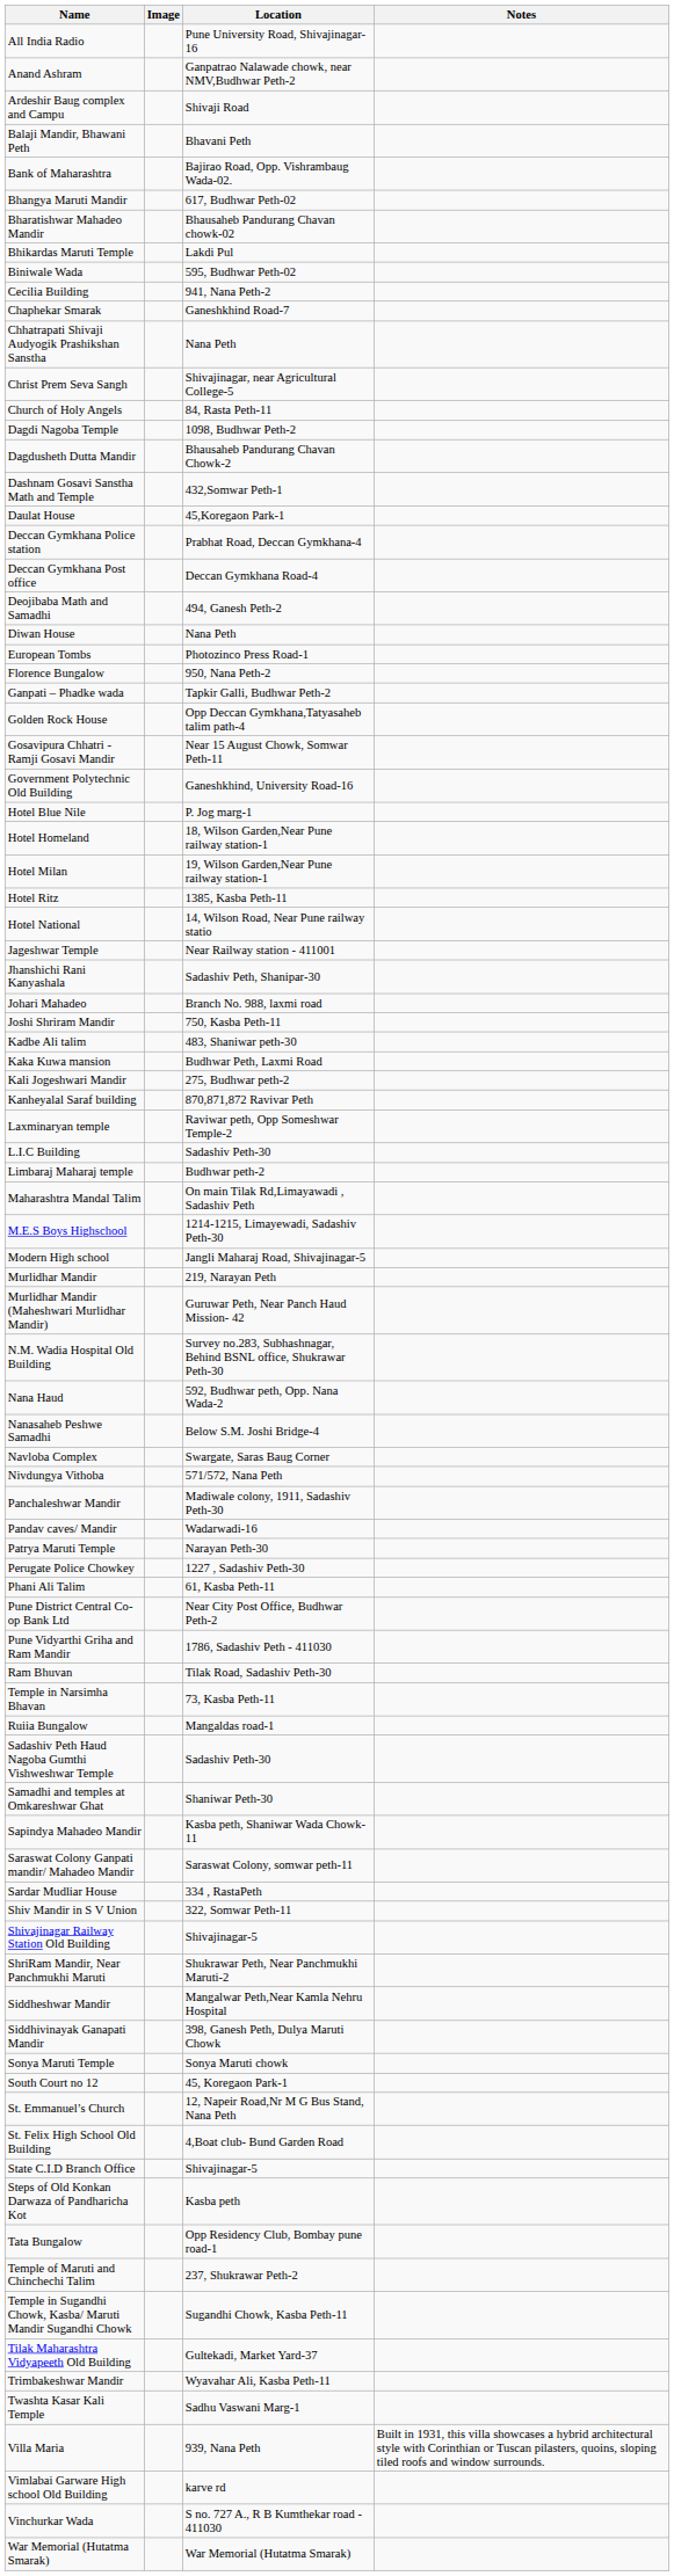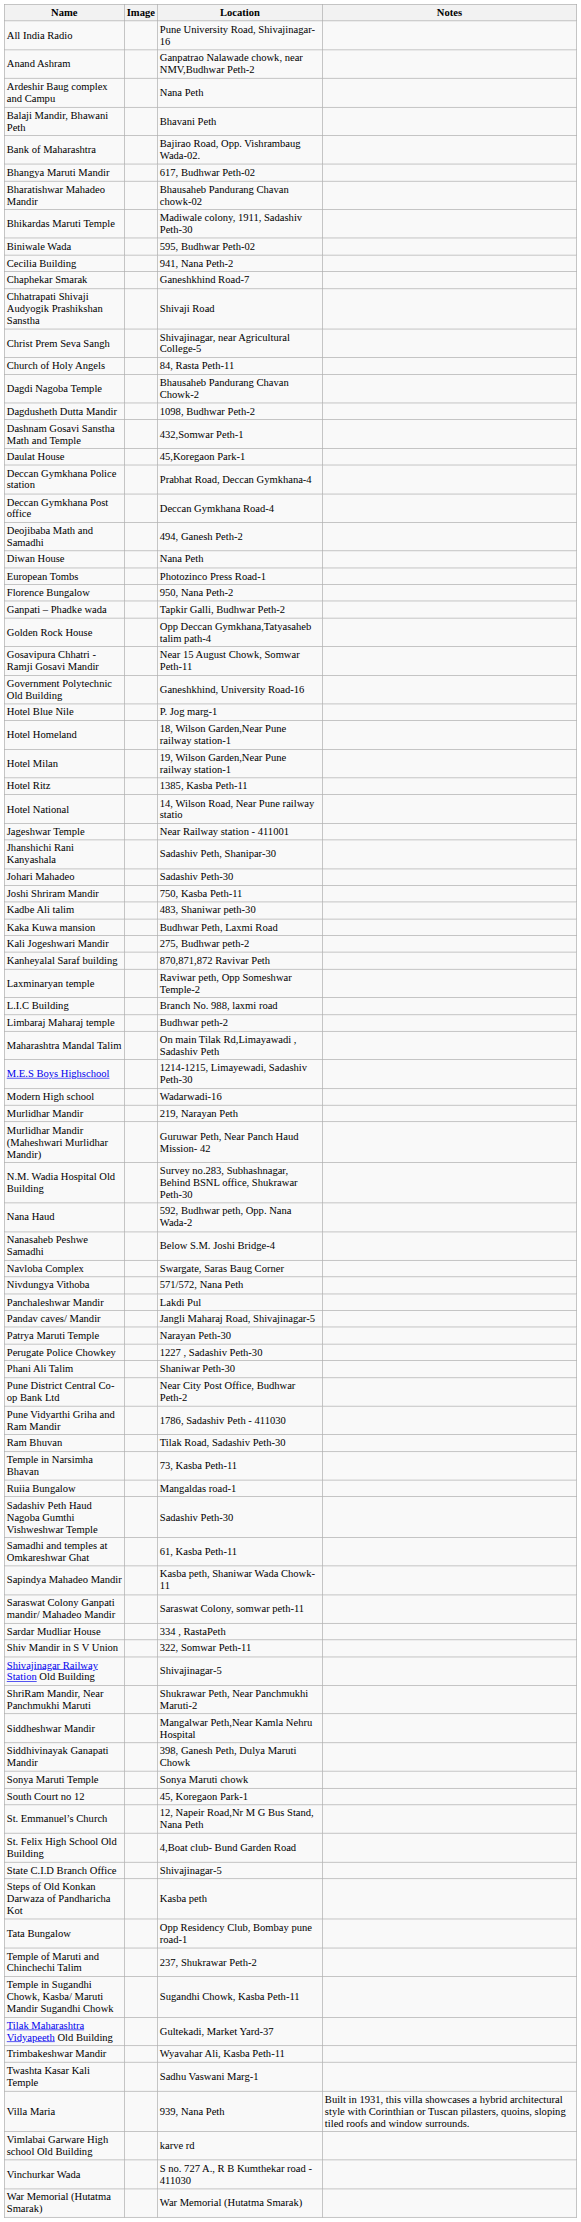 <table class="wikitable sortable">
 <tr>
 <th style="width:180px;">Name</th>
 <th class="unsortable">Image</th>
 <th style="width:250px;">Location</th>
 <th style="width:400px;"class="unsortable">Notes</th>
 </tr>
 <tr>
 <td>All India Radio</td>
 <td></td>
 <td>Pune University Road, Shivajinagar-16<br><small></small></td>
 <td></td>
 </tr>
 <tr>
 <td>Anand Ashram</td>
 <td></td>
 <td>Ganpatrao Nalawade chowk, near NMV,Budhwar Peth-2<br><small></small></td>
 <td></td>
 </tr>
 <tr>
 <td>Ardeshir Baug complex and Campu</td>
 <td></td>
-<td>Shivaji Road<br><small></small></td>
+<td>Nana Peth<br><small></small></td>
 <td></td>
 </tr>
 <tr>
 <td>Balaji Mandir, Bhawani Peth</td>
 <td></td>
 <td>Bhavani Peth<br><small></small></td>
 <td></td>
 </tr>
 <tr>
 <td>Bank of Maharashtra</td>
 <td></td>
 <td>Bajirao Road, Opp. Vishrambaug Wada-02.<br><small></small></td>
 <td></td>
 </tr>
 <tr>
 <td>Bhangya Maruti Mandir</td>
 <td></td>
 <td>617, Budhwar Peth-02<br><small></small></td>
 <td></td>
 </tr>
 <tr>
 <td>Bharatishwar Mahadeo Mandir</td>
 <td></td>
 <td>Bhausaheb Pandurang Chavan chowk-02<br><small></small></td>
 <td></td>
 </tr>
 <tr>
 <td>Bhikardas Maruti Temple</td>
 <td></td>
-<td>Lakdi Pul<br><small></small></td>
+<td>Madiwale colony, 1911, Sadashiv Peth-30<br><small></small></td>
 <td></td>
 </tr>
 <tr>
 <td>Biniwale Wada</td>
 <td></td>
 <td>595, Budhwar Peth-02<br><small></small></td>
 <td></td>
 </tr>
 <tr>
 <td>Cecilia Building</td>
 <td></td>
 <td>941, Nana Peth-2<br><small></small></td>
 <td></td>
 </tr>
 <tr>
 <td>Chaphekar Smarak</td>
 <td></td>
 <td>Ganeshkhind Road-7<br><small></small></td>
 <td></td>
 </tr>
 <tr>
 <td>Chhatrapati Shivaji Audyogik Prashikshan Sanstha</td>
 <td></td>
-<td>Nana Peth<br><small></small></td>
+<td>Shivaji Road<br><small></small></td>
 <td></td>
 </tr>
 <tr>
 <td>Christ Prem Seva Sangh</td>
 <td></td>
 <td>Shivajinagar, near Agricultural College-5<br><small></small></td>
 <td></td>
 </tr>
 <tr>
 <td>Church of Holy Angels</td>
 <td></td>
 <td>84, Rasta Peth-11<br><small></small></td>
 <td></td>
 </tr>
 <tr>
 <td>Dagdi Nagoba Temple</td>
 <td></td>
-<td>1098, Budhwar Peth-2<br><small></small></td>
+<td>Bhausaheb Pandurang Chavan Chowk-2<br><small></small></td>
 <td></td>
 </tr>
 <tr>
 <td>Dagdusheth Dutta Mandir</td>
 <td></td>
-<td>Bhausaheb Pandurang Chavan Chowk-2<br><small></small></td>
+<td>1098, Budhwar Peth-2<br><small></small></td>
 <td></td>
 </tr>
 <tr>
 <td>Dashnam Gosavi Sanstha Math and Temple</td>
 <td></td>
 <td>432,Somwar Peth-1<br><small></small></td>
 <td></td>
 </tr>
 <tr>
 <td>Daulat House</td>
 <td></td>
 <td>45,Koregaon Park-1<br><small></small></td>
 <td></td>
 </tr>
 <tr>
 <td>Deccan Gymkhana Police station</td>
 <td></td>
 <td>Prabhat Road, Deccan Gymkhana-4<br><small></small></td>
 <td></td>
 </tr>
 <tr>
 <td>Deccan Gymkhana Post office</td>
 <td></td>
 <td>Deccan Gymkhana Road-4<br><small></small></td>
 <td></td>
 </tr>
 <tr>
 <td>Deojibaba Math and Samadhi</td>
 <td></td>
 <td>494, Ganesh Peth-2<br><small></small></td>
 <td></td>
 </tr>
 <tr>
 <td>Diwan House</td>
 <td></td>
 <td>Nana Peth<br><small></small></td>
 <td></td>
 </tr>
 <tr>
 <td>European Tombs</td>
 <td></td>
 <td>Photozinco Press Road-1<br><small></small></td>
 <td></td>
 </tr>
 <tr>
 <td>Florence Bungalow</td>
 <td></td>
 <td>950, Nana Peth-2<br><small></small></td>
 <td></td>
 </tr>
 <tr>
 <td>Ganpati – Phadke wada</td>
 <td></td>
 <td>Tapkir Galli, Budhwar Peth-2<br><small></small></td>
 <td></td>
 </tr>
 <tr>
 <td>Golden Rock House</td>
 <td></td>
 <td>Opp Deccan Gymkhana,Tatyasaheb talim path-4<br><small></small></td>
 <td></td>
 </tr>
 <tr>
 <td>Gosavipura Chhatri - Ramji Gosavi Mandir</td>
 <td></td>
 <td>Near 15 August Chowk, Somwar Peth-11<br><small></small></td>
 <td></td>
 </tr>
 <tr>
 <td>Government Polytechnic Old Building</td>
 <td></td>
 <td>Ganeshkhind, University Road-16<br><small></small></td>
 <td></td>
 </tr>
 <tr>
 <td>Hotel Blue Nile</td>
 <td></td>
 <td>P. Jog marg-1<br><small></small></td>
 <td></td>
 </tr>
 <tr>
 <td>Hotel Homeland</td>
 <td></td>
 <td>18, Wilson Garden,Near Pune railway station-1<br><small></small></td>
 <td></td>
 </tr>
 <tr>
 <td>Hotel Milan</td>
 <td></td>
 <td>19, Wilson Garden,Near Pune railway station-1<br><small></small></td>
 <td></td>
 </tr>
 <tr>
 <td>Hotel Ritz</td>
 <td></td>
 <td>1385, Kasba Peth-11<br><small></small></td>
 <td></td>
 </tr>
 <tr>
 <td>Hotel National</td>
 <td></td>
 <td>14, Wilson Road, Near Pune railway statio<br><small></small></td>
 <td></td>
 </tr>
 <tr>
 <td>Jageshwar Temple</td>
 <td></td>
 <td>Near Railway station - 411001</td>
 <td></td>
 </tr>
 <tr>
 <td>Jhanshichi Rani Kanyashala</td>
 <td></td>
 <td>Sadashiv Peth, Shanipar-30<br><small></small></td>
 <td></td>
 </tr>
 <tr>
 <td>Johari Mahadeo</td>
 <td></td>
-<td>Branch No. 988, laxmi road<br><small></small></td>
+<td>Sadashiv Peth-30<br><small></small></td>
 <td></td>
 </tr>
 <tr>
 <td>Joshi Shriram Mandir</td>
 <td></td>
 <td>750, Kasba Peth-11<br><small></small></td>
 <td></td>
 </tr>
 <tr>
 <td>Kadbe Ali talim</td>
 <td></td>
 <td>483, Shaniwar peth-30<br><small></small></td>
 <td></td>
 </tr>
 <tr>
 <td>Kaka Kuwa mansion</td>
 <td></td>
 <td>Budhwar Peth, Laxmi Road<br><small></small></td>
 <td></td>
 </tr>
 <tr>
 <td>Kali Jogeshwari Mandir</td>
 <td></td>
 <td>275, Budhwar peth-2<br><small></small></td>
 <td></td>
 </tr>
 <tr>
 <td>Kanheyalal Saraf building</td>
 <td></td>
 <td>870,871,872 Ravivar Peth<br><small></small></td>
 <td></td>
 </tr>
 <tr>
 <td>Laxminaryan temple</td>
 <td></td>
 <td>Raviwar peth, Opp Someshwar Temple-2<br><small></small></td>
 <td></td>
 </tr>
 <tr>
 <td>L.I.C Building</td>
 <td></td>
-<td>Sadashiv Peth-30<br><small></small></td>
+<td>Branch No. 988, laxmi road<br><small></small></td>
 <td></td>
 </tr>
 <tr>
 <td>Limbaraj Maharaj temple</td>
 <td></td>
 <td>Budhwar peth-2<br><small></small></td>
 <td></td>
 </tr>
 <tr>
 <td>Maharashtra Mandal Talim</td>
 <td></td>
 <td>On main Tilak Rd,Limayawadi , Sadashiv Peth<br><small></small></td>
 <td></td>
 </tr>
 <tr>
 <td><a href='#'>M.E.S Boys Highschool</a></td>
 <td></td>
 <td>1214-1215, Limayewadi, Sadashiv Peth-30<br><small></small></td>
 <td></td>
 </tr>
 <tr>
 <td>Modern High school</td>
 <td></td>
-<td>Jangli Maharaj Road, Shivajinagar-5<br><small></small></td>
+<td>Wadarwadi-16<br><small></small></td>
 <td></td>
 </tr>
 <tr>
 <td>Murlidhar Mandir</td>
 <td></td>
 <td>219, Narayan Peth<br><small></small></td>
 <td></td>
 </tr>
 <tr>
 <td>Murlidhar Mandir (Maheshwari Murlidhar Mandir)</td>
 <td></td>
 <td>Guruwar Peth, Near Panch Haud Mission- 42<br><small></small></td>
 <td></td>
 </tr>
 <tr>
 <td>N.M. Wadia Hospital Old Building</td>
 <td></td>
 <td>Survey no.283, Subhashnagar, Behind BSNL office, Shukrawar Peth-30<br><small></small></td>
 <td></td>
 </tr>
 <tr>
 <td>Nana Haud</td>
 <td></td>
 <td>592, Budhwar peth, Opp. Nana Wada-2<br><small></small></td>
 <td></td>
 </tr>
 <tr>
 <td>Nanasaheb Peshwe Samadhi</td>
 <td></td>
 <td>Below S.M. Joshi Bridge-4<br><small></small></td>
 <td></td>
 </tr>
 <tr>
 <td>Navloba Complex</td>
 <td></td>
 <td>Swargate, Saras Baug Corner<br><small></small></td>
 <td></td>
 </tr>
 <tr>
 <td>Nivdungya Vithoba</td>
 <td></td>
 <td>571/572, Nana Peth<br><small></small></td>
 <td></td>
 </tr>
 <tr>
 <td>Panchaleshwar Mandir</td>
 <td></td>
-<td>Madiwale colony, 1911, Sadashiv Peth-30<br><small></small></td>
+<td>Lakdi Pul<br><small></small></td>
 <td></td>
 </tr>
 <tr>
 <td>Pandav caves/ Mandir</td>
 <td></td>
-<td>Wadarwadi-16<br><small></small></td>
+<td>Jangli Maharaj Road, Shivajinagar-5<br><small></small></td>
 <td></td>
 </tr>
 <tr>
 <td>Patrya Maruti Temple</td>
 <td></td>
 <td>Narayan Peth-30<br><small></small></td>
 <td></td>
 </tr>
 <tr>
 <td>Perugate Police Chowkey</td>
 <td></td>
 <td>1227 , Sadashiv Peth-30<br><small></small></td>
 <td></td>
 </tr>
 <tr>
 <td>Phani Ali Talim</td>
 <td></td>
-<td>61, Kasba Peth-11<br><small></small></td>
+<td>Shaniwar Peth-30<br><small></small></td>
 <td></td>
 </tr>
 <tr>
 <td>Pune District Central Co-op Bank Ltd</td>
 <td></td>
 <td>Near City Post Office, Budhwar Peth-2<br><small></small></td>
 <td></td>
 </tr>
 <tr>
 <td>Pune Vidyarthi Griha and Ram Mandir</td>
 <td></td>
 <td>1786, Sadashiv Peth - 411030<br><small></small></td>
 <td></td>
 </tr>
 <tr>
 <td>Ram Bhuvan</td>
 <td></td>
 <td>Tilak Road, Sadashiv Peth-30<br><small></small></td>
 <td></td>
 </tr>
 <tr>
 <td>Temple in Narsimha Bhavan</td>
 <td></td>
 <td>73, Kasba Peth-11<br><small></small></td>
 <td></td>
 </tr>
 <tr>
 <td>Ruiia Bungalow</td>
 <td></td>
 <td>Mangaldas road-1<br><small></small></td>
 <td></td>
 </tr>
 <tr>
 <td>Sadashiv Peth Haud<br>Nagoba Gumthi<br>Vishweshwar Temple</td>
 <td></td>
 <td>Sadashiv Peth-30<br><small></small></td>
 <td></td>
 </tr>
 <tr>
 <td>Samadhi and temples at Omkareshwar Ghat</td>
 <td></td>
-<td>Shaniwar Peth-30<br><small></small></td>
+<td>61, Kasba Peth-11<br><small></small></td>
 <td></td>
 </tr>
 <tr>
 <td>Sapindya Mahadeo Mandir</td>
 <td></td>
 <td>Kasba peth, Shaniwar Wada Chowk-11<br><small></small></td>
 <td></td>
 </tr>
 <tr>
 <td>Saraswat Colony Ganpati mandir/ Mahadeo Mandir</td>
 <td></td>
 <td>Saraswat Colony, somwar peth-11</td>
 <td></td>
 </tr>
 <tr>
 <td>Sardar Mudliar House</td>
 <td></td>
 <td>334 , RastaPeth<br><small></small></td>
 <td></td>
 </tr>
 <tr>
 <td>Shiv Mandir in S V Union</td>
 <td></td>
 <td>322, Somwar Peth-11<br><small></small></td>
 <td></td>
 </tr>
 <tr>
 <td><a href='#'>Shivajinagar Railway Station</a> Old Building</td>
 <td></td>
 <td>Shivajinagar-5<br><small></small></td>
 <td></td>
 </tr>
 <tr>
 <td>ShriRam Mandir, Near Panchmukhi Maruti</td>
 <td></td>
 <td>Shukrawar Peth, Near Panchmukhi Maruti-2<br><small></small></td>
 <td></td>
 </tr>
 <tr>
 <td>Siddheshwar Mandir</td>
 <td></td>
 <td>Mangalwar Peth,Near Kamla Nehru Hospital<br><small></small></td>
 <td></td>
 </tr>
 <tr>
 <td>Siddhivinayak Ganapati Mandir</td>
 <td></td>
 <td>398, Ganesh Peth, Dulya Maruti Chowk<br><small></small></td>
 <td></td>
 </tr>
 <tr>
 <td>Sonya Maruti Temple</td>
 <td></td>
 <td>Sonya Maruti chowk<br><small></small></td>
 <td></td>
 </tr>
 <tr>
 <td>South Court no 12</td>
 <td></td>
 <td>45, Koregaon Park-1<br><small></small></td>
 <td></td>
 </tr>
 <tr>
 <td>St. Emmanuel’s Church</td>
 <td></td>
 <td>12, Napeir Road,Nr M G Bus Stand, Nana Peth<br><small></small></td>
 <td></td>
 </tr>
 <tr>
 <td>St. Felix High School Old Building</td>
 <td></td>
 <td>4,Boat club- Bund Garden Road<br><small></small></td>
 <td></td>
 </tr>
 <tr>
 <td>State C.I.D Branch Office</td>
 <td></td>
 <td>Shivajinagar-5<br><small></small></td>
 <td></td>
 </tr>
 <tr>
 <td>Steps of Old Konkan Darwaza of Pandharicha Kot</td>
 <td></td>
 <td>Kasba peth<br><small></small></td>
 <td></td>
 </tr>
 <tr>
 <td>Tata Bungalow</td>
 <td></td>
 <td>Opp Residency Club, Bombay pune road-1<br><small></small></td>
 <td></td>
 </tr>
 <tr>
 <td>Temple of Maruti and Chinchechi Talim</td>
 <td></td>
 <td>237, Shukrawar Peth-2<br><small></small></td>
 <td></td>
 </tr>
 <tr>
 <td>Temple in Sugandhi Chowk, Kasba/ Maruti Mandir Sugandhi Chowk</td>
 <td></td>
 <td>Sugandhi Chowk, Kasba Peth-11<br><small></small></td>
 <td></td>
 </tr>
 <tr>
 <td><a href='#'>Tilak Maharashtra Vidyapeeth</a> Old Building</td>
 <td></td>
 <td>Gultekadi, Market Yard-37<br><small></small></td>
 <td></td>
 </tr>
 <tr>
 <td>Trimbakeshwar Mandir</td>
 <td></td>
 <td>Wyavahar Ali, Kasba Peth-11<br><small></small></td>
 <td></td>
 </tr>
 <tr>
 <td>Twashta Kasar Kali Temple</td>
 <td></td>
 <td>Sadhu Vaswani Marg-1<br><small></small></td>
 <td></td>
 </tr>
 <tr>
 <td>Villa Maria</td>
 <td></td>
 <td>939, Nana Peth<br><small></small></td>
 <td>Built in 1931, this villa showcases a hybrid architectural style with Corinthian or Tuscan pilasters, quoins, sloping tiled roofs and window surrounds.</td>
 </tr>
 <tr>
 <td>Vimlabai Garware High school Old Building</td>
 <td></td>
 <td>karve rd<br><small></small></td>
 <td></td>
 </tr>
 <tr>
 <td>Vinchurkar Wada</td>
 <td></td>
 <td>S no. 727 A., R B Kumthekar road - 411030<br><small></small></td>
 <td></td>
 </tr>
 <tr>
 <td>War Memorial (Hutatma Smarak)</td>
 <td></td>
 <td>War Memorial (Hutatma Smarak)<br><small></small></td>
 <td></td>
 </tr>
 </table>
